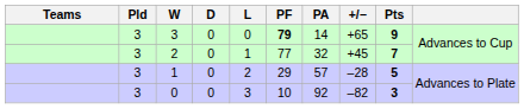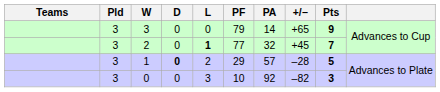 <table class="wikitable" style="text-align: center;">
 <tr>
 <th width="140">Teams</th>
 <th width="40">Pld</th>
 <th width="40">W</th>
 <th width="40">D</th>
 <th width="40">L</th>
 <th width="40">PF</th>
 <th width="40">PA</th>
 <th width="40">+/−</th>
 <th width="40">Pts</th>
 <th></th>
 </tr>
 <tr bgcolor="ccffcc">
 <td align="left"></td>
 <td>3</td>
 <td>3</td>
 <td>0</td>
 <td>0</td>
-<td><strong>79</strong></td>
+<td>79</td>
 <td>14</td>
 <td>+65</td>
 <td><strong>9</strong></td>
 <td rowspan="2">Advances to Cup</td>
 </tr>
 <tr bgcolor="ccffcc">
 <td align="left"></td>
 <td>3</td>
 <td>2</td>
 <td>0</td>
-<td>1</td>
+<td><strong>1</strong></td>
 <td>77</td>
 <td>32</td>
 <td>+45</td>
 <td><strong>7</strong></td>
 </tr>
 <tr bgcolor="ccccff">
 <td align="left"></td>
 <td>3</td>
 <td>1</td>
-<td>0</td>
+<td><strong>0</strong></td>
 <td>2</td>
 <td>29</td>
 <td>57</td>
 <td>–28</td>
 <td><strong>5</strong></td>
 <td rowspan="2">Advances to Plate</td>
 </tr>
 <tr bgcolor="ccccff">
 <td align="left"></td>
 <td>3</td>
 <td>0</td>
 <td>0</td>
 <td>3</td>
 <td>10</td>
 <td>92</td>
 <td>–82</td>
 <td><strong>3</strong></td>
 </tr>
 </table>
